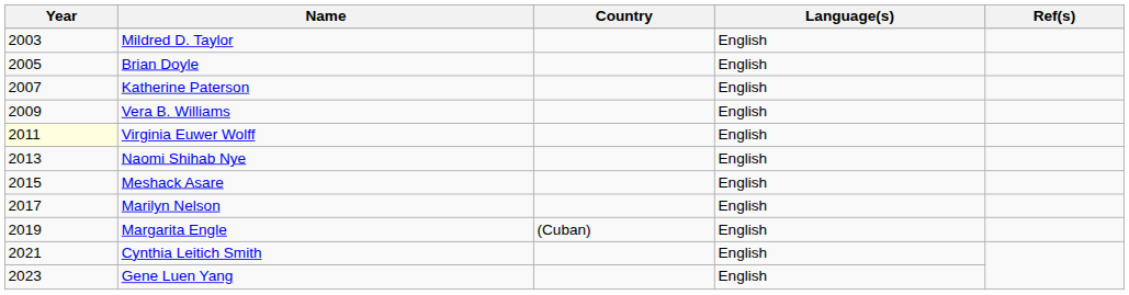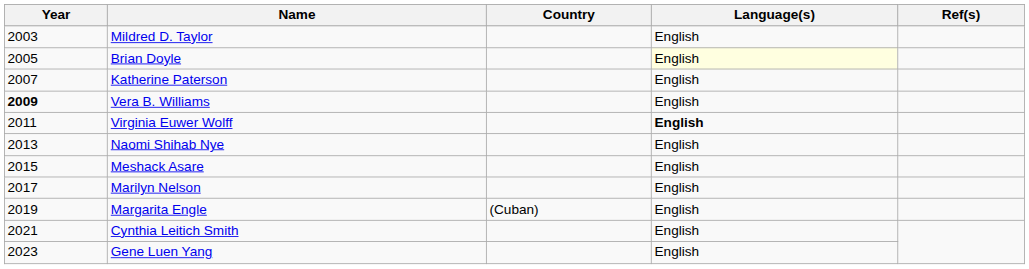 <table class="wikitable" width=95%>
 <tr bgcolor="#505050">
 <th>Year</th>
 <th>Name</th>
 <th>Country</th>
 <th>Language(s)</th>
 <th>Ref(s)</th>
 </tr>
 <tr>
 <td>2003</td>
 <td><a href='#'>Mildred D. Taylor</a></td>
 <td></td>
 <td>English</td>
 <td></td>
 </tr>
 <tr>
 <td>2005</td>
 <td><a href='#'>Brian Doyle</a></td>
 <td></td>
-<td>English</td>
+<td style="background: lightyellow;">English</td>
 <td></td>
 </tr>
 <tr>
 <td>2007</td>
 <td><a href='#'>Katherine Paterson</a></td>
 <td></td>
 <td>English</td>
 <td></td>
 </tr>
 <tr>
-<td>2009</td>
+<td><strong>2009</strong></td>
 <td><a href='#'>Vera B. Williams</a></td>
 <td></td>
 <td>English</td>
 <td></td>
 </tr>
 <tr>
-<td style="background: lightyellow;">2011</td>
+<td>2011</td>
 <td><a href='#'>Virginia Euwer Wolff</a></td>
 <td></td>
-<td>English</td>
+<td><strong>English</strong></td>
 <td></td>
 </tr>
 <tr>
 <td>2013</td>
 <td><a href='#'>Naomi Shihab Nye</a></td>
 <td></td>
 <td>English</td>
 <td></td>
 </tr>
 <tr>
 <td>2015</td>
 <td><a href='#'>Meshack Asare</a></td>
 <td></td>
 <td>English</td>
 <td></td>
 </tr>
 <tr>
 <td>2017</td>
 <td><a href='#'>Marilyn Nelson</a></td>
 <td></td>
 <td>English</td>
 <td></td>
 </tr>
 <tr>
 <td>2019</td>
 <td><a href='#'>Margarita Engle</a></td>
 <td> (Cuban)</td>
 <td>English</td>
 <td></td>
 </tr>
 <tr>
 <td>2021</td>
 <td><a href='#'>Cynthia Leitich Smith</a></td>
 <td></td>
 <td>English</td>
 </tr>
 <tr>
 <td>2023</td>
 <td><a href='#'>Gene Luen Yang</a></td>
 <td></td>
 <td>English</td>
 </tr>
 </table>
